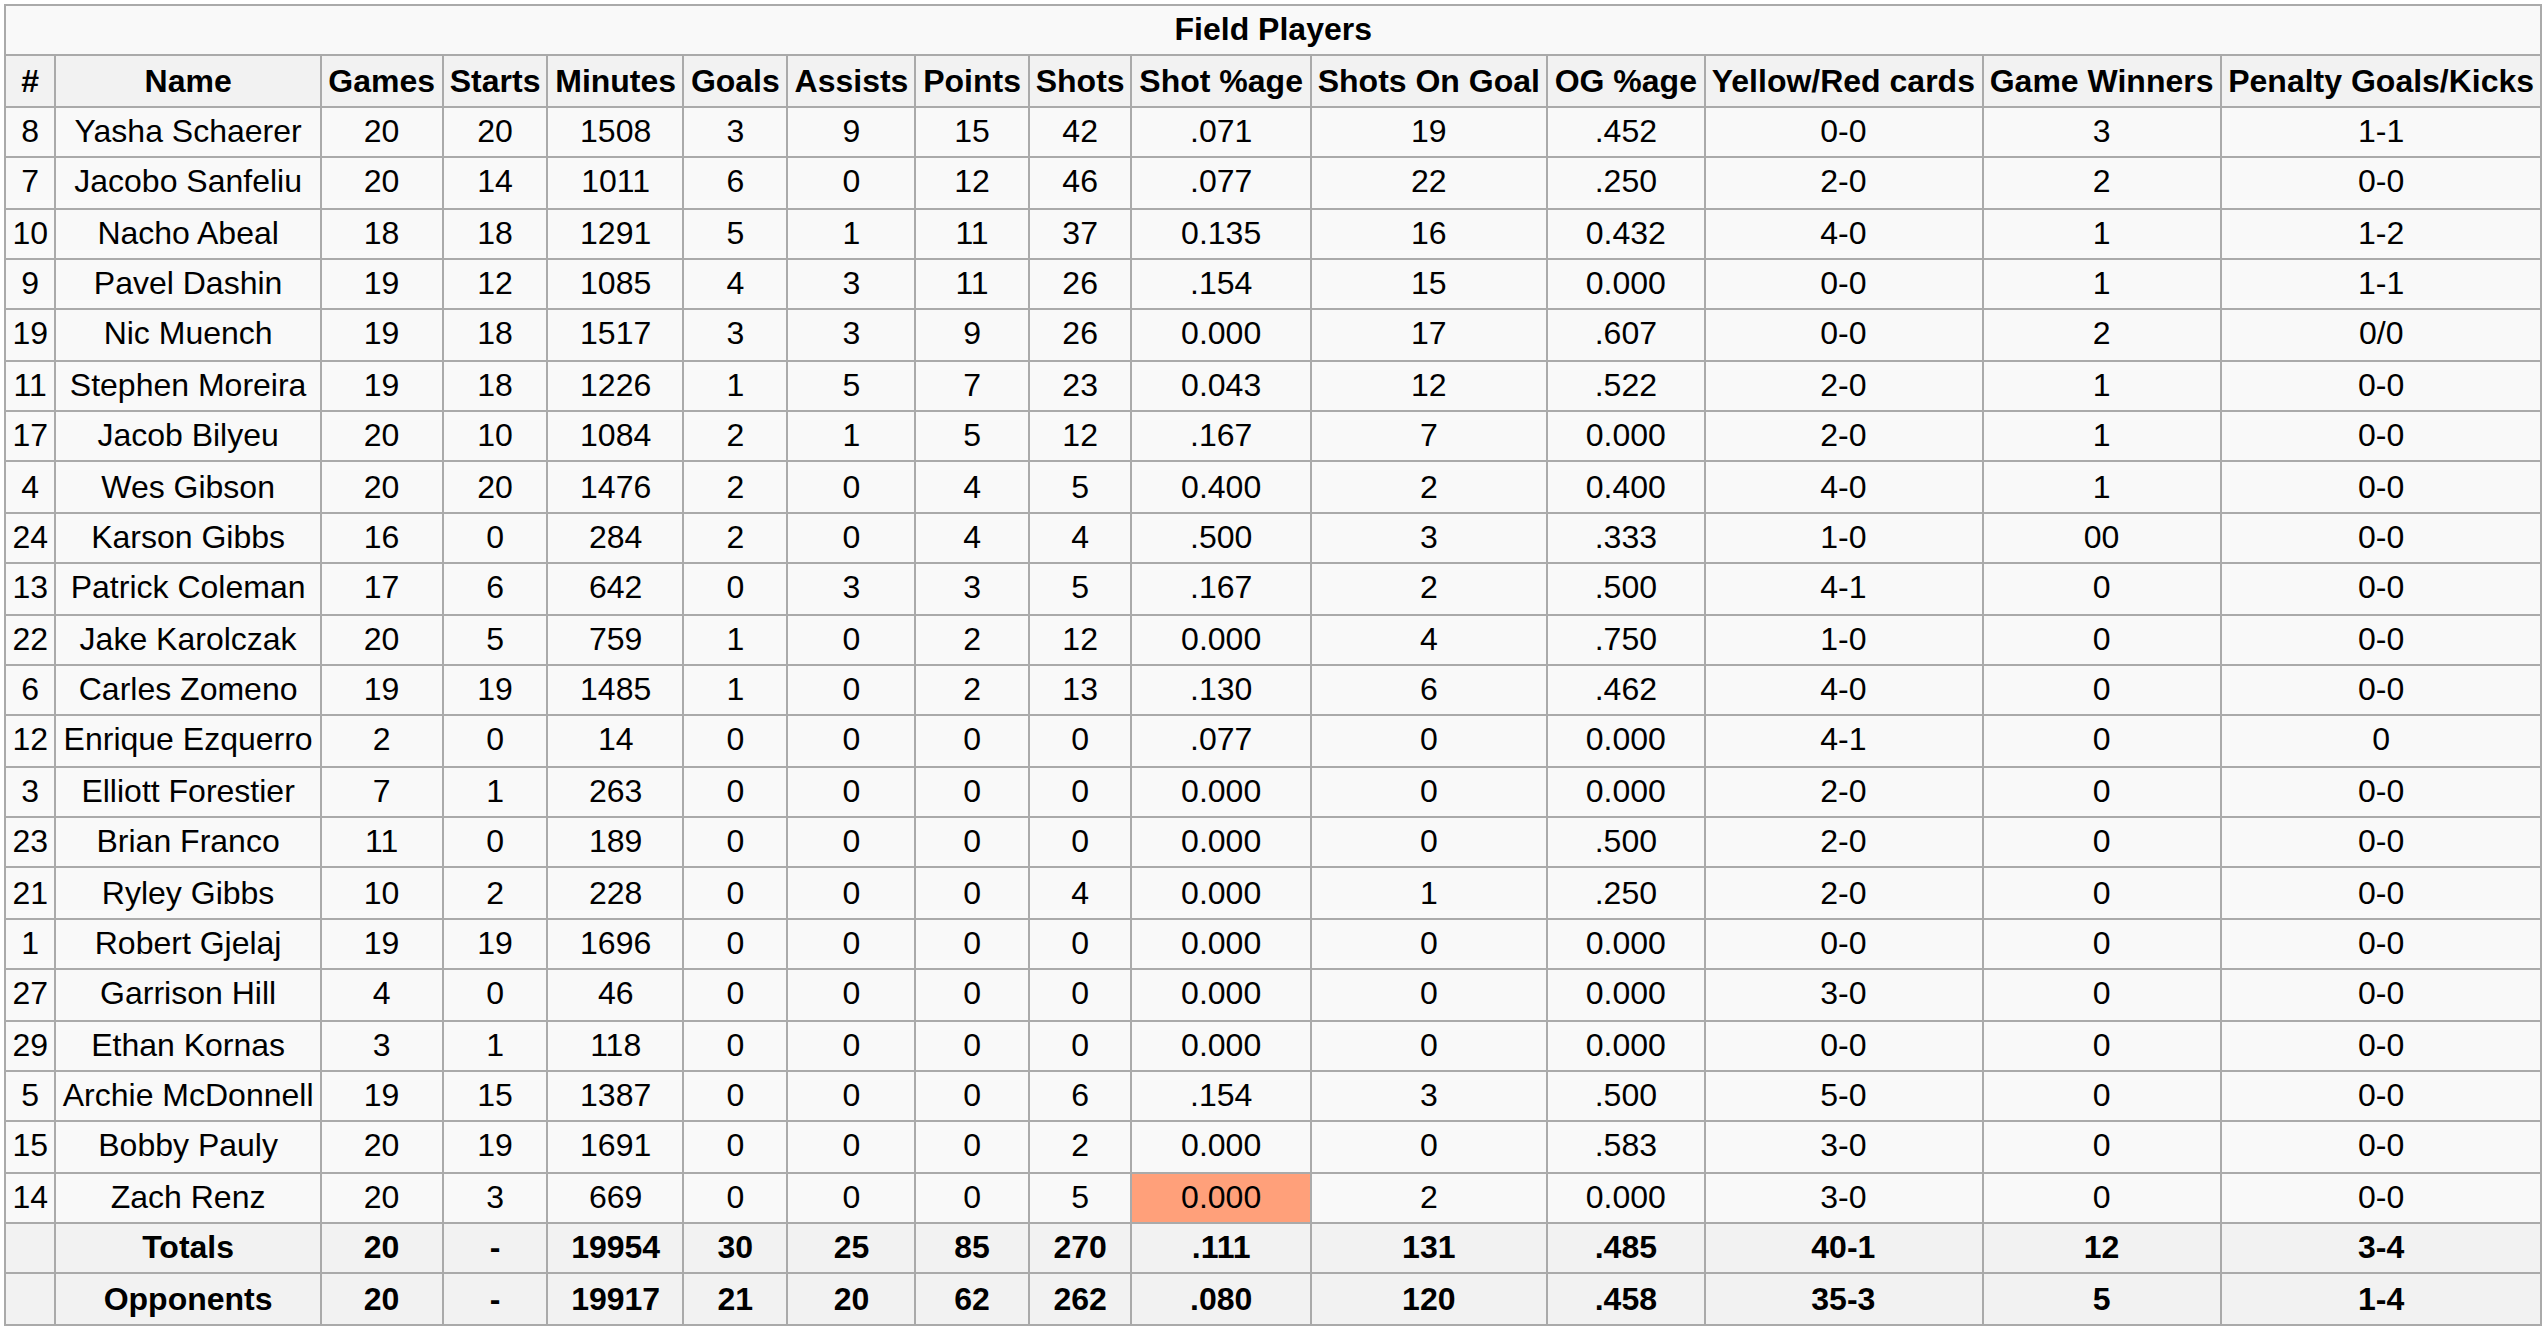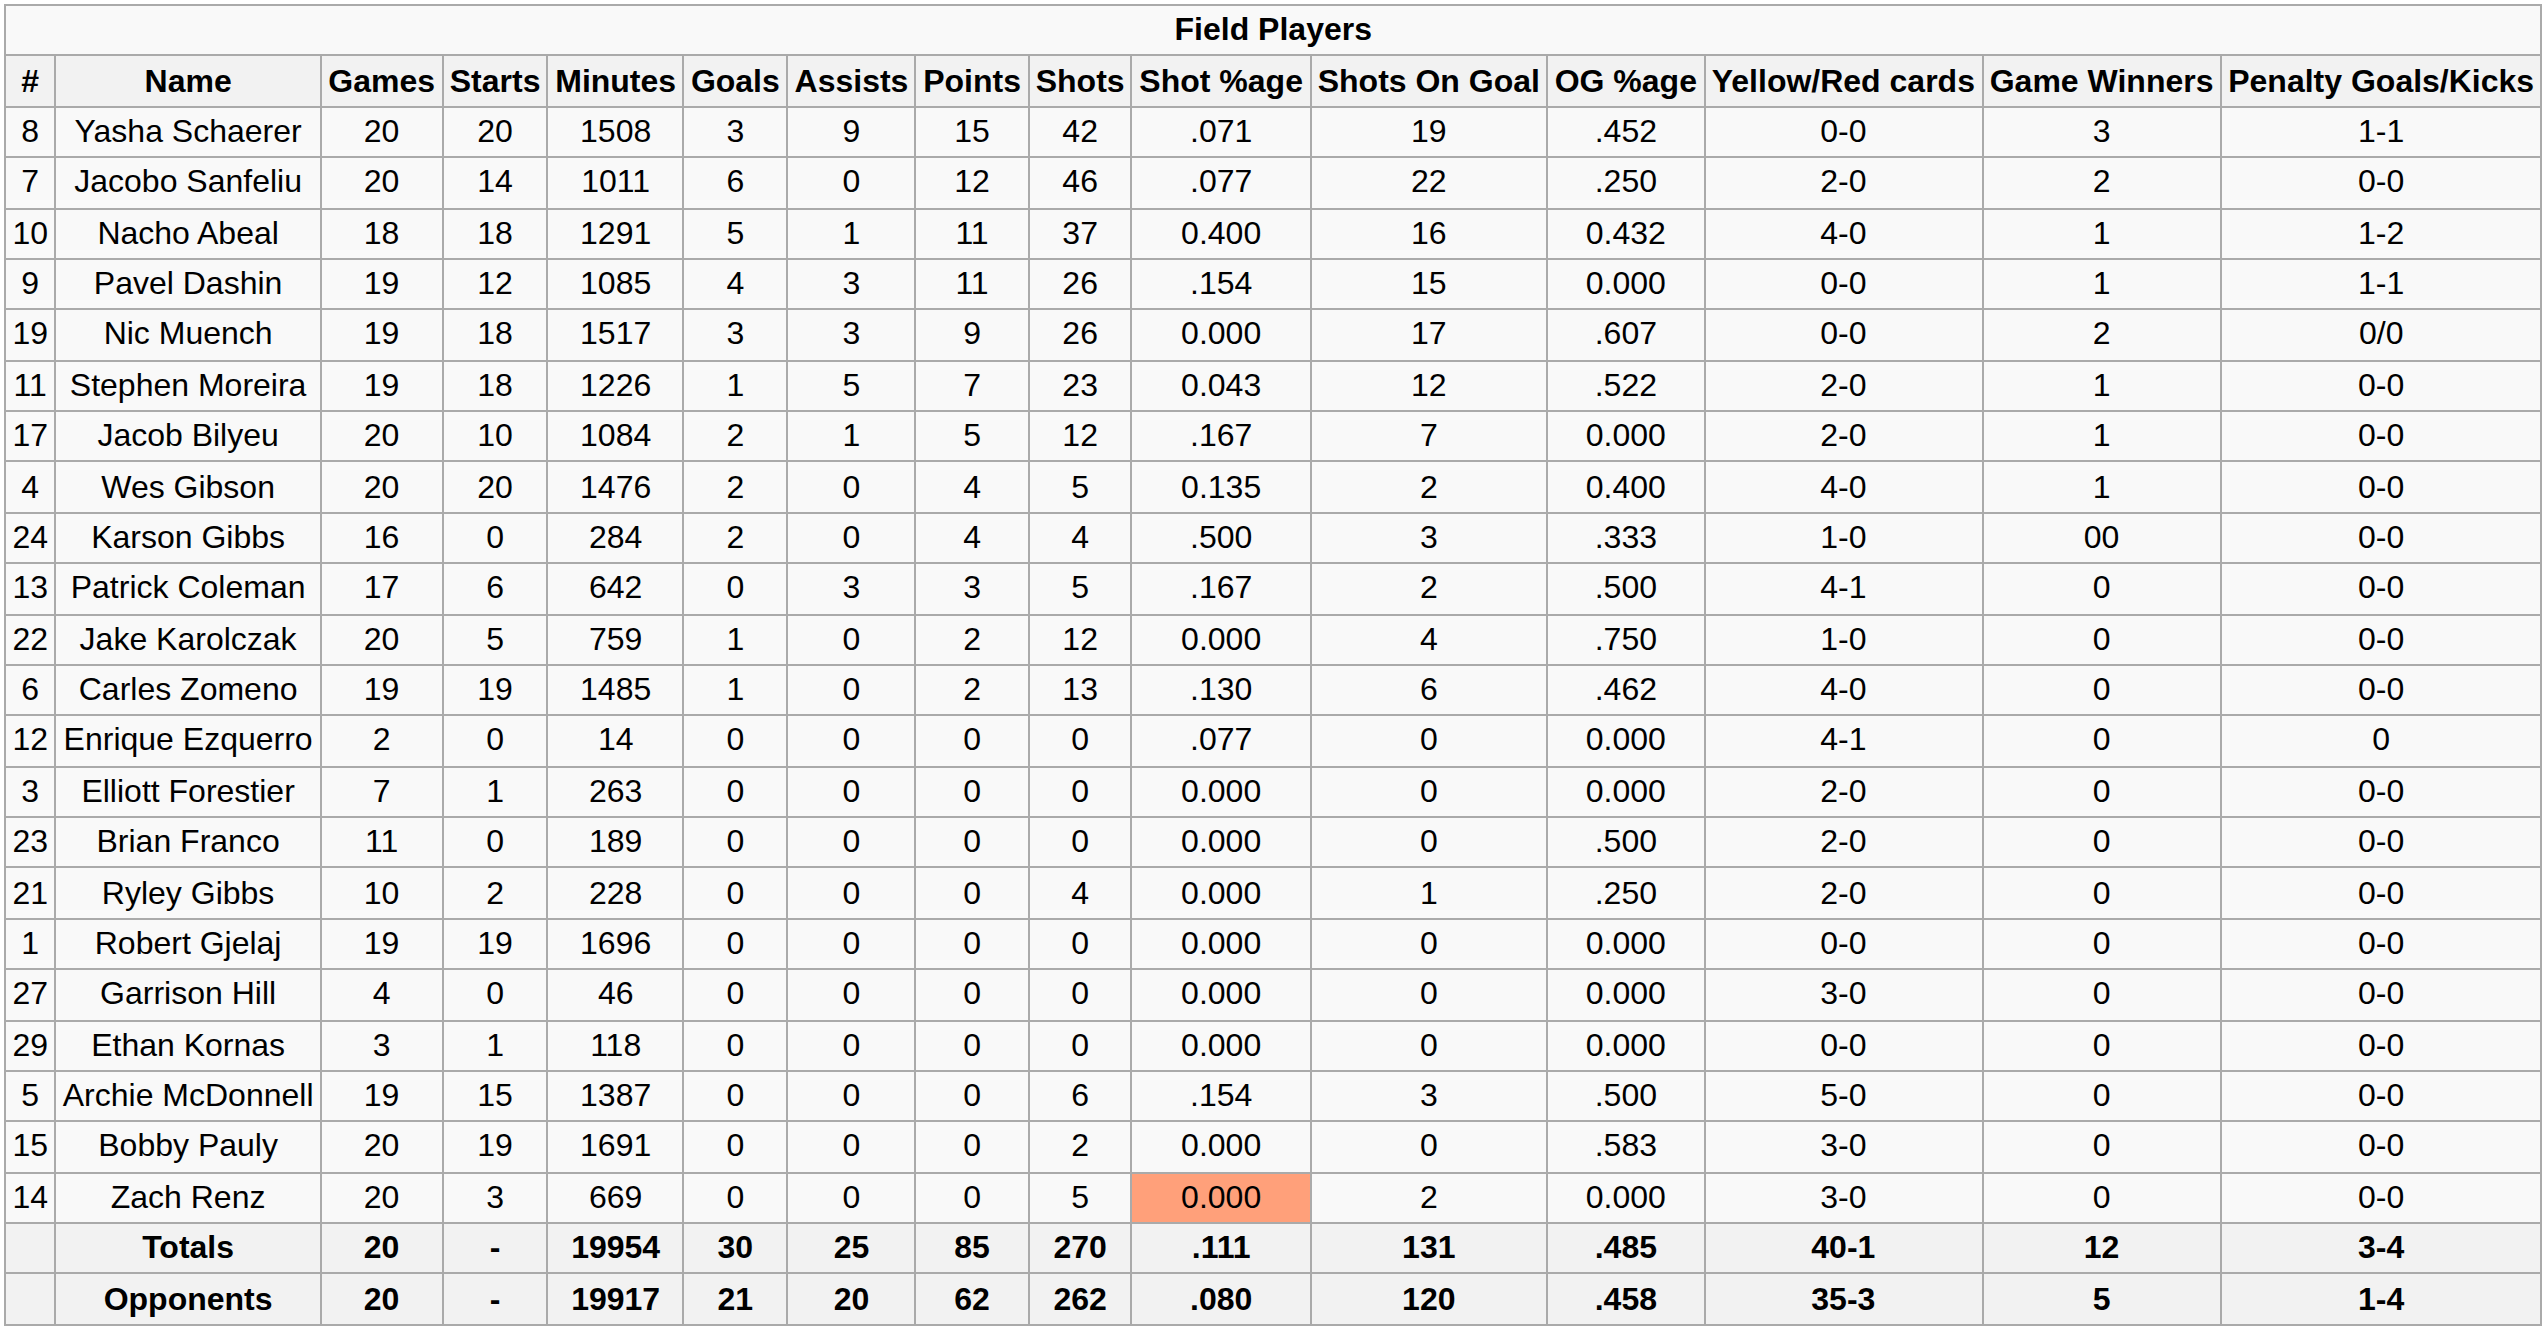 <table class="wikitable sortable" style="text-align:center; text-width:90%;">
 <tr>
 <td colspan="15"><strong>Field Players</strong></td>
 </tr>
 <tr>
 <th>#</th>
 <th>Name</th>
 <th>Games</th>
 <th>Starts</th>
 <th>Minutes</th>
 <th>Goals</th>
 <th>Assists</th>
 <th>Points</th>
 <th>Shots</th>
 <th>Shot %age</th>
 <th>Shots On Goal</th>
 <th>OG %age</th>
 <th>Yellow/Red cards</th>
 <th>Game Winners</th>
 <th>Penalty Goals/Kicks</th>
 </tr>
 <tr>
 <td>8</td>
 <td>Yasha Schaerer</td>
 <td>20</td>
 <td>20</td>
 <td>1508</td>
 <td>3</td>
 <td>9</td>
 <td>15</td>
 <td>42</td>
 <td>.071</td>
 <td>19</td>
 <td>.452</td>
 <td>0-0</td>
 <td>3</td>
 <td>1-1</td>
 </tr>
 <tr>
 <td>7</td>
 <td>Jacobo Sanfeliu</td>
 <td>20</td>
 <td>14</td>
 <td>1011</td>
 <td>6</td>
 <td>0</td>
 <td>12</td>
 <td>46</td>
 <td>.077</td>
 <td>22</td>
 <td>.250</td>
 <td>2-0</td>
 <td>2</td>
 <td>0-0</td>
 </tr>
 <tr>
 <td>10</td>
 <td>Nacho Abeal</td>
 <td>18</td>
 <td>18</td>
 <td>1291</td>
 <td>5</td>
 <td>1</td>
 <td>11</td>
 <td>37</td>
-<td>0.135</td>
+<td>0.400</td>
 <td>16</td>
 <td>0.432</td>
 <td>4-0</td>
 <td>1</td>
 <td>1-2</td>
 </tr>
 <tr>
 <td>9</td>
 <td>Pavel Dashin</td>
 <td>19</td>
 <td>12</td>
 <td>1085</td>
 <td>4</td>
 <td>3</td>
 <td>11</td>
 <td>26</td>
 <td>.154</td>
 <td>15</td>
 <td>0.000</td>
 <td>0-0</td>
 <td>1</td>
 <td>1-1</td>
 </tr>
 <tr>
 <td>19</td>
 <td>Nic Muench</td>
 <td>19</td>
 <td>18</td>
 <td>1517</td>
 <td>3</td>
 <td>3</td>
 <td>9</td>
 <td>26</td>
 <td>0.000</td>
 <td>17</td>
 <td>.607</td>
 <td>0-0</td>
 <td>2</td>
 <td>0/0</td>
 </tr>
 <tr>
 <td>11</td>
 <td>Stephen Moreira</td>
 <td>19</td>
 <td>18</td>
 <td>1226</td>
 <td>1</td>
 <td>5</td>
 <td>7</td>
 <td>23</td>
 <td>0.043</td>
 <td>12</td>
 <td>.522</td>
 <td>2-0</td>
 <td>1</td>
 <td>0-0</td>
 </tr>
 <tr>
 <td>17</td>
 <td>Jacob Bilyeu</td>
 <td>20</td>
 <td>10</td>
 <td>1084</td>
 <td>2</td>
 <td>1</td>
 <td>5</td>
 <td>12</td>
 <td>.167</td>
 <td>7</td>
 <td>0.000</td>
 <td>2-0</td>
 <td>1</td>
 <td>0-0</td>
 </tr>
 <tr>
 <td>4</td>
 <td>Wes Gibson</td>
 <td>20</td>
 <td>20</td>
 <td>1476</td>
 <td>2</td>
 <td>0</td>
 <td>4</td>
 <td>5</td>
-<td>0.400</td>
+<td>0.135</td>
 <td>2</td>
 <td>0.400</td>
 <td>4-0</td>
 <td>1</td>
 <td>0-0</td>
 </tr>
 <tr>
 <td>24</td>
 <td>Karson Gibbs</td>
 <td>16</td>
 <td>0</td>
 <td>284</td>
 <td>2</td>
 <td>0</td>
 <td>4</td>
 <td>4</td>
 <td>.500</td>
 <td>3</td>
 <td>.333</td>
 <td>1-0</td>
 <td>00</td>
 <td>0-0</td>
 </tr>
 <tr>
 <td>13</td>
 <td>Patrick Coleman</td>
 <td>17</td>
 <td>6</td>
 <td>642</td>
 <td>0</td>
 <td>3</td>
 <td>3</td>
 <td>5</td>
 <td>.167</td>
 <td>2</td>
 <td>.500</td>
 <td>4-1</td>
 <td>0</td>
 <td>0-0</td>
 </tr>
 <tr>
 <td>22</td>
 <td>Jake Karolczak</td>
 <td>20</td>
 <td>5</td>
 <td>759</td>
 <td>1</td>
 <td>0</td>
 <td>2</td>
 <td>12</td>
 <td>0.000</td>
 <td>4</td>
 <td>.750</td>
 <td>1-0</td>
 <td>0</td>
 <td>0-0</td>
 </tr>
 <tr>
 <td>6</td>
 <td>Carles Zomeno</td>
 <td>19</td>
 <td>19</td>
 <td>1485</td>
 <td>1</td>
 <td>0</td>
 <td>2</td>
 <td>13</td>
 <td>.130</td>
 <td>6</td>
 <td>.462</td>
 <td>4-0</td>
 <td>0</td>
 <td>0-0</td>
 </tr>
 <tr>
 <td>12</td>
 <td>Enrique Ezquerro</td>
 <td>2</td>
 <td>0</td>
 <td>14</td>
 <td>0</td>
 <td>0</td>
 <td>0</td>
 <td>0</td>
 <td>.077</td>
 <td>0</td>
 <td>0.000</td>
 <td>4-1</td>
 <td>0</td>
 <td>0</td>
 </tr>
 <tr>
 <td>3</td>
 <td>Elliott Forestier</td>
 <td>7</td>
 <td>1</td>
 <td>263</td>
 <td>0</td>
 <td>0</td>
 <td>0</td>
 <td>0</td>
 <td>0.000</td>
 <td>0</td>
 <td>0.000</td>
 <td>2-0</td>
 <td>0</td>
 <td>0-0</td>
 </tr>
 <tr>
 <td>23</td>
 <td>Brian Franco</td>
 <td>11</td>
 <td>0</td>
 <td>189</td>
 <td>0</td>
 <td>0</td>
 <td>0</td>
 <td>0</td>
 <td>0.000</td>
 <td>0</td>
 <td>.500</td>
 <td>2-0</td>
 <td>0</td>
 <td>0-0</td>
 </tr>
 <tr>
 <td>21</td>
 <td>Ryley Gibbs</td>
 <td>10</td>
 <td>2</td>
 <td>228</td>
 <td>0</td>
 <td>0</td>
 <td>0</td>
 <td>4</td>
 <td>0.000</td>
 <td>1</td>
 <td>.250</td>
 <td>2-0</td>
 <td>0</td>
 <td>0-0</td>
 </tr>
 <tr>
 <td>1</td>
 <td>Robert Gjelaj</td>
 <td>19</td>
 <td>19</td>
 <td>1696</td>
 <td>0</td>
 <td>0</td>
 <td>0</td>
 <td>0</td>
 <td>0.000</td>
 <td>0</td>
 <td>0.000</td>
 <td>0-0</td>
 <td>0</td>
 <td>0-0</td>
 </tr>
 <tr>
 <td>27</td>
 <td>Garrison Hill</td>
 <td>4</td>
 <td>0</td>
 <td>46</td>
 <td>0</td>
 <td>0</td>
 <td>0</td>
 <td>0</td>
 <td>0.000</td>
 <td>0</td>
 <td>0.000</td>
 <td>3-0</td>
 <td>0</td>
 <td>0-0</td>
 </tr>
 <tr>
 <td>29</td>
 <td>Ethan Kornas</td>
 <td>3</td>
 <td>1</td>
 <td>118</td>
 <td>0</td>
 <td>0</td>
 <td>0</td>
 <td>0</td>
 <td>0.000</td>
 <td>0</td>
 <td>0.000</td>
 <td>0-0</td>
 <td>0</td>
 <td>0-0</td>
 </tr>
 <tr>
 <td>5</td>
 <td>Archie McDonnell</td>
 <td>19</td>
 <td>15</td>
 <td>1387</td>
 <td>0</td>
 <td>0</td>
 <td>0</td>
 <td>6</td>
 <td>.154</td>
 <td>3</td>
 <td>.500</td>
 <td>5-0</td>
 <td>0</td>
 <td>0-0</td>
 </tr>
 <tr>
 <td>15</td>
 <td>Bobby Pauly</td>
 <td>20</td>
 <td>19</td>
 <td>1691</td>
 <td>0</td>
 <td>0</td>
 <td>0</td>
 <td>2</td>
 <td>0.000</td>
 <td>0</td>
 <td>.583</td>
 <td>3-0</td>
 <td>0</td>
 <td>0-0</td>
 </tr>
 <tr>
 <td>14</td>
 <td>Zach Renz</td>
 <td>20</td>
 <td>3</td>
 <td>669</td>
 <td>0</td>
 <td>0</td>
 <td>0</td>
 <td>5</td>
 <td style="background: lightsalmon;">0.000</td>
 <td>2</td>
 <td>0.000</td>
 <td>3-0</td>
 <td>0</td>
 <td>0-0</td>
 </tr>
 <tr>
 <th></th>
 <th>Totals</th>
 <th>20</th>
 <th>-</th>
 <th>19954</th>
 <th>30</th>
 <th>25</th>
 <th>85</th>
 <th>270</th>
 <th>.111</th>
 <th>131</th>
 <th>.485</th>
 <th>40-1</th>
 <th>12</th>
 <th>3-4</th>
 </tr>
 <tr>
 <th></th>
 <th>Opponents</th>
 <th>20</th>
 <th>-</th>
 <th>19917</th>
 <th>21</th>
 <th>20</th>
 <th>62</th>
 <th>262</th>
 <th>.080</th>
 <th>120</th>
 <th>.458</th>
 <th>35-3</th>
 <th>5</th>
 <th>1-4</th>
 </tr>
 <tr>
 </tr>
 </table>
